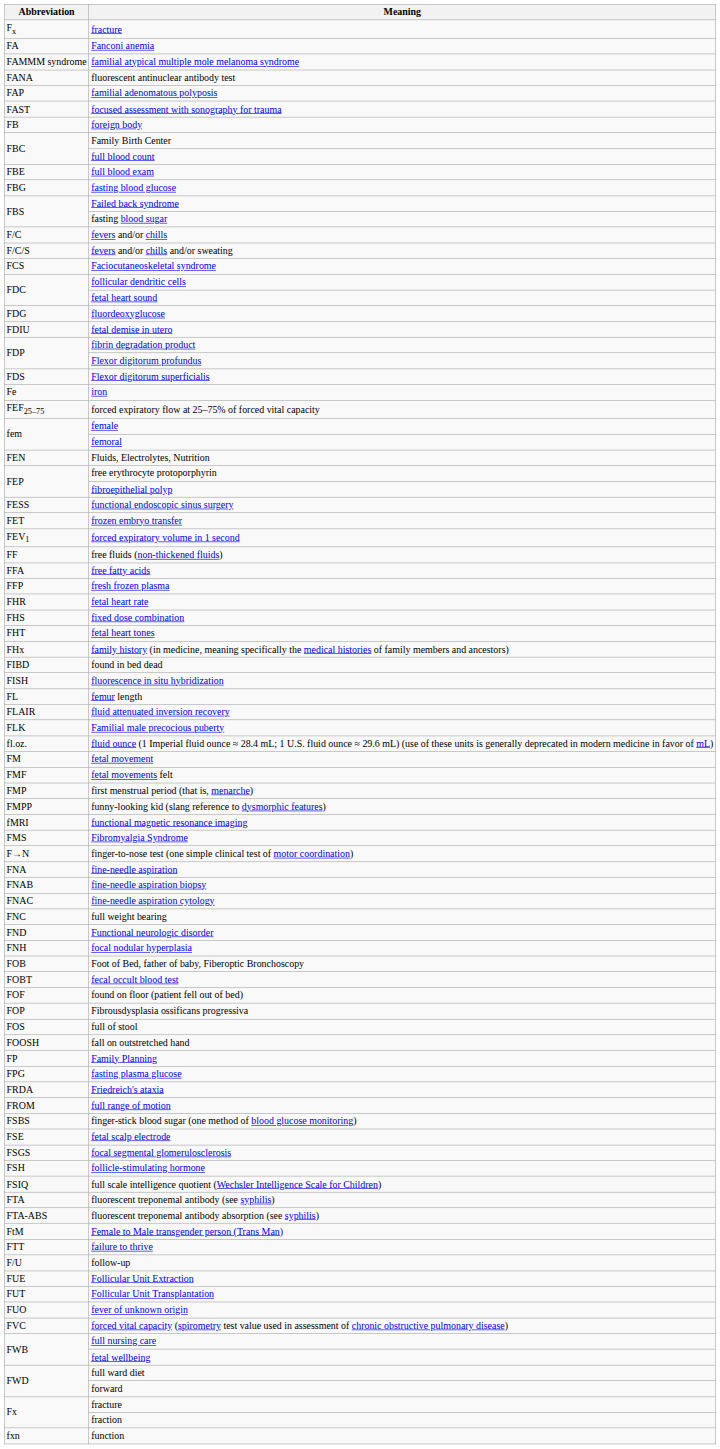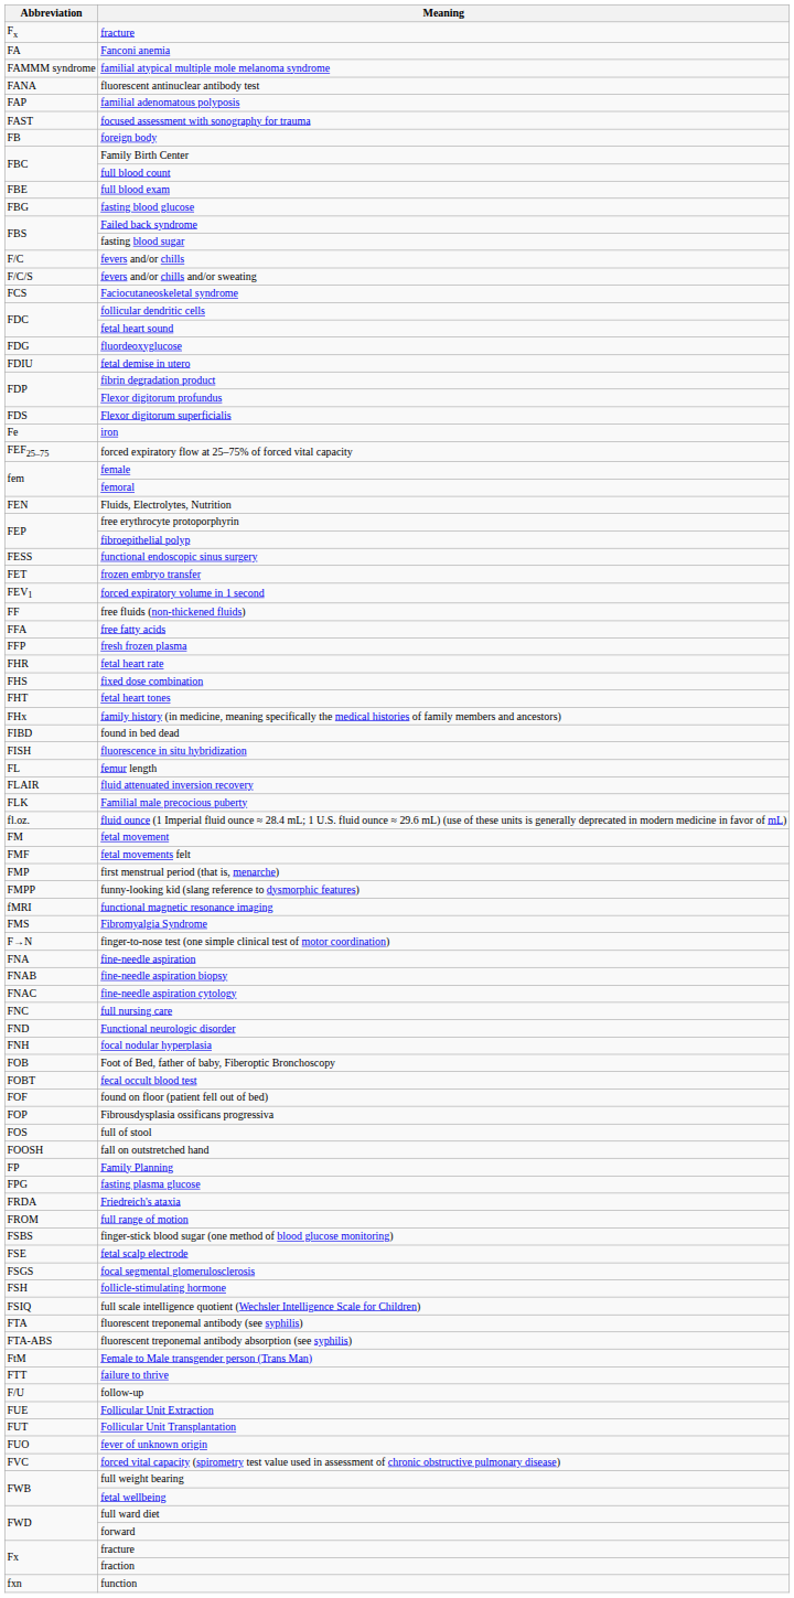 <table class="wikitable sortable">
 <tr>
 <th scope="col">Abbreviation</th>
 <th scope="col">Meaning</th>
 </tr>
 <tr>
 <td>F<sub>x</sub></td>
 <td><a href='#'>fracture</a></td>
 </tr>
 <tr>
 <td>FA</td>
 <td><a href='#'>Fanconi anemia</a></td>
 </tr>
 <tr>
 <td>FAMMM syndrome</td>
 <td><a href='#'>familial atypical multiple mole melanoma syndrome</a></td>
 </tr>
 <tr>
 <td>FANA</td>
 <td>fluorescent antinuclear antibody test</td>
 </tr>
 <tr>
 <td>FAP</td>
 <td><a href='#'>familial adenomatous polyposis</a></td>
 </tr>
 <tr>
 <td>FAST</td>
 <td><a href='#'>focused assessment with sonography for trauma</a></td>
 </tr>
 <tr>
 <td>FB</td>
 <td><a href='#'>foreign body</a></td>
 </tr>
 <tr>
 <td rowspan="2">FBC</td>
 <td>Family Birth Center</td>
 </tr>
 <tr>
 <td><a href='#'>full blood count</a></td>
 </tr>
 <tr>
 <td>FBE</td>
 <td><a href='#'>full blood exam</a></td>
 </tr>
 <tr>
 <td>FBG</td>
 <td><a href='#'>fasting blood glucose</a></td>
 </tr>
 <tr>
 <td rowspan="2">FBS</td>
 <td><a href='#'>Failed back syndrome</a></td>
 </tr>
 <tr>
 <td>fasting <a href='#'>blood sugar</a></td>
 </tr>
 <tr>
 <td>F/C</td>
 <td><a href='#'>fevers</a> and/or <a href='#'>chills</a></td>
 </tr>
 <tr>
 <td>F/C/S</td>
 <td><a href='#'>fevers</a> and/or <a href='#'>chills</a> and/or sweating</td>
 </tr>
 <tr>
 <td>FCS</td>
 <td><a href='#'>Faciocutaneoskeletal syndrome</a></td>
 </tr>
 <tr>
 <td rowspan="2">FDC</td>
 <td><a href='#'>follicular dendritic cells</a></td>
 </tr>
 <tr>
 <td><a href='#'>fetal heart sound</a></td>
 </tr>
 <tr>
 <td>FDG</td>
 <td><a href='#'>fluordeoxyglucose</a></td>
 </tr>
 <tr>
 <td>FDIU</td>
 <td><a href='#'>fetal demise in utero</a></td>
 </tr>
 <tr>
 <td rowspan="2">FDP</td>
 <td><a href='#'>fibrin degradation product</a></td>
 </tr>
 <tr>
 <td><a href='#'>Flexor digitorum profundus</a></td>
 </tr>
 <tr>
 <td>FDS</td>
 <td><a href='#'>Flexor digitorum superficialis</a></td>
 </tr>
 <tr>
 <td>Fe</td>
 <td><a href='#'>iron</a></td>
 </tr>
 <tr>
 <td>FEF<sub>25–75</sub></td>
 <td>forced expiratory flow at 25–75% of forced vital capacity</td>
 </tr>
 <tr>
 <td rowspan="2">fem</td>
 <td><a href='#'>female</a></td>
 </tr>
 <tr>
 <td><a href='#'>femoral</a></td>
 </tr>
 <tr>
 <td>FEN</td>
 <td>Fluids, Electrolytes, Nutrition</td>
 </tr>
 <tr>
 <td rowspan="2">FEP</td>
 <td>free erythrocyte protoporphyrin</td>
 </tr>
 <tr>
 <td><a href='#'>fibroepithelial polyp</a></td>
 </tr>
 <tr>
 <td>FESS</td>
 <td><a href='#'>functional endoscopic sinus surgery</a></td>
 </tr>
 <tr>
 <td>FET</td>
 <td><a href='#'>frozen embryo transfer</a></td>
 </tr>
 <tr>
 <td>FEV<sub>1</sub></td>
 <td><a href='#'>forced expiratory volume in 1 second</a></td>
 </tr>
 <tr>
 <td>FF</td>
 <td>free fluids (<a href='#'>non-thickened fluids</a>)</td>
 </tr>
 <tr>
 <td>FFA</td>
 <td><a href='#'>free fatty acids</a></td>
 </tr>
 <tr>
 <td>FFP</td>
 <td><a href='#'>fresh frozen plasma</a></td>
 </tr>
 <tr>
 <td>FHR</td>
 <td><a href='#'>fetal heart rate</a></td>
 </tr>
 <tr>
 <td>FHS</td>
 <td><a href='#'>fixed dose combination</a></td>
 </tr>
 <tr>
 <td>FHT</td>
 <td><a href='#'>fetal heart tones</a></td>
 </tr>
 <tr>
 <td>FHx</td>
 <td><a href='#'>family history</a> (in medicine, meaning specifically the <a href='#'>medical histories</a> of family members and ancestors)</td>
 </tr>
 <tr>
 <td>FIBD</td>
 <td>found in bed dead</td>
 </tr>
 <tr>
 <td>FISH</td>
 <td><a href='#'>fluorescence in situ hybridization</a></td>
 </tr>
 <tr>
 <td>FL</td>
 <td><a href='#'>femur</a> length</td>
 </tr>
 <tr>
 <td>FLAIR</td>
 <td><a href='#'>fluid attenuated inversion recovery</a></td>
 </tr>
 <tr>
 <td>FLK</td>
 <td><a href='#'>Familial male precocious puberty</a></td>
 </tr>
 <tr>
 <td>fl.oz.</td>
 <td><a href='#'>fluid ounce</a> (1 Imperial fluid ounce ≈ 28.4 mL; 1 U.S. fluid ounce ≈ 29.6 mL) (use of these units is generally deprecated in modern medicine in favor of <a href='#'>mL</a>)</td>
 </tr>
 <tr>
 <td>FM</td>
 <td><a href='#'>fetal movement</a></td>
 </tr>
 <tr>
 <td>FMF</td>
 <td><a href='#'>fetal movements</a> felt</td>
 </tr>
 <tr>
 <td>FMP</td>
 <td>first menstrual period (that is, <a href='#'>menarche</a>)</td>
 </tr>
 <tr>
 <td>FMPP</td>
 <td>funny-looking kid (slang reference to <a href='#'>dysmorphic features</a>)</td>
 </tr>
 <tr>
 <td>fMRI</td>
 <td><a href='#'>functional magnetic resonance imaging</a></td>
 </tr>
 <tr>
 <td>FMS</td>
 <td><a href='#'> Fibromyalgia Syndrome</a></td>
 </tr>
 <tr>
 <td>F→N</td>
 <td>finger-to-nose test (one simple clinical test of <a href='#'>motor coordination</a>)</td>
 </tr>
 <tr>
 <td>FNA</td>
 <td><a href='#'>fine-needle aspiration</a></td>
 </tr>
 <tr>
 <td>FNAB</td>
 <td><a href='#'>fine-needle aspiration biopsy</a></td>
 </tr>
 <tr>
 <td>FNAC</td>
 <td><a href='#'>fine-needle aspiration cytology</a></td>
 </tr>
 <tr>
 <td>FNC</td>
-<td>full weight bearing</td>
+<td><a href='#'>full nursing care</a></td>
 </tr>
 <tr>
 <td>FND</td>
 <td><a href='#'>Functional neurologic disorder</a></td>
 </tr>
 <tr>
 <td>FNH</td>
 <td><a href='#'>focal nodular hyperplasia</a></td>
 </tr>
 <tr>
 <td>FOB</td>
 <td>Foot of Bed, father of baby, Fiberoptic Bronchoscopy</td>
 </tr>
 <tr>
 <td>FOBT</td>
 <td><a href='#'>fecal occult blood test</a></td>
 </tr>
 <tr>
 <td>FOF</td>
 <td>found on floor (patient fell out of bed)</td>
 </tr>
 <tr>
 <td>FOP</td>
 <td>Fibrousdysplasia ossificans progressiva</td>
 </tr>
 <tr>
 <td>FOS</td>
 <td>full of stool</td>
 </tr>
 <tr>
 <td>FOOSH</td>
 <td>fall on outstretched hand</td>
 </tr>
 <tr>
 <td>FP</td>
 <td><a href='#'>Family Planning</a></td>
 </tr>
 <tr>
 <td>FPG</td>
 <td><a href='#'>fasting plasma glucose</a></td>
 </tr>
 <tr>
 <td>FRDA</td>
 <td><a href='#'>Friedreich's ataxia</a></td>
 </tr>
 <tr>
 <td>FROM</td>
 <td><a href='#'>full range of motion</a></td>
 </tr>
 <tr>
 <td>FSBS</td>
 <td>finger-stick blood sugar (one method of <a href='#'>blood glucose monitoring</a>)</td>
 </tr>
 <tr>
 <td>FSE</td>
 <td><a href='#'>fetal scalp electrode</a></td>
 </tr>
 <tr>
 <td>FSGS</td>
 <td><a href='#'>focal segmental glomerulosclerosis</a></td>
 </tr>
 <tr>
 <td>FSH</td>
 <td><a href='#'>follicle-stimulating hormone</a></td>
 </tr>
 <tr>
 <td>FSIQ</td>
 <td>full scale intelligence quotient (<a href='#'>Wechsler Intelligence Scale for Children</a>)</td>
 </tr>
 <tr>
 <td>FTA</td>
 <td>fluorescent treponemal antibody (see <a href='#'>syphilis</a>)</td>
 </tr>
 <tr>
 <td>FTA-ABS</td>
 <td>fluorescent treponemal antibody absorption (see <a href='#'>syphilis</a>)</td>
 </tr>
 <tr>
 <td>FtM</td>
 <td><a href='#'>Female to Male transgender person (Trans Man)</a></td>
 </tr>
 <tr>
 <td>FTT</td>
 <td><a href='#'>failure to thrive</a></td>
 </tr>
 <tr>
 <td>F/U</td>
 <td>follow-up</td>
 </tr>
 <tr>
 <td>FUE</td>
 <td><a href='#'>Follicular Unit Extraction</a></td>
 </tr>
 <tr>
 <td>FUT</td>
 <td><a href='#'>Follicular Unit Transplantation</a></td>
 </tr>
 <tr>
 <td>FUO</td>
 <td><a href='#'>fever of unknown origin</a></td>
 </tr>
 <tr>
 <td>FVC</td>
 <td><a href='#'>forced vital capacity</a> (<a href='#'>spirometry</a> test value used in assessment of <a href='#'>chronic obstructive pulmonary disease</a>)</td>
 </tr>
 <tr>
 <td rowspan="2">FWB</td>
-<td><a href='#'>full nursing care</a></td>
+<td>full weight bearing</td>
 </tr>
 <tr>
 <td><a href='#'>fetal wellbeing</a></td>
 </tr>
 <tr>
 <td rowspan="2">FWD</td>
 <td>full ward diet</td>
 </tr>
 <tr>
 <td>forward</td>
 </tr>
 <tr>
 <td rowspan="2">Fx</td>
 <td>fracture</td>
 </tr>
 <tr>
 <td>fraction</td>
 </tr>
 <tr>
 <td>fxn</td>
 <td>function</td>
 </tr>
 </table>
